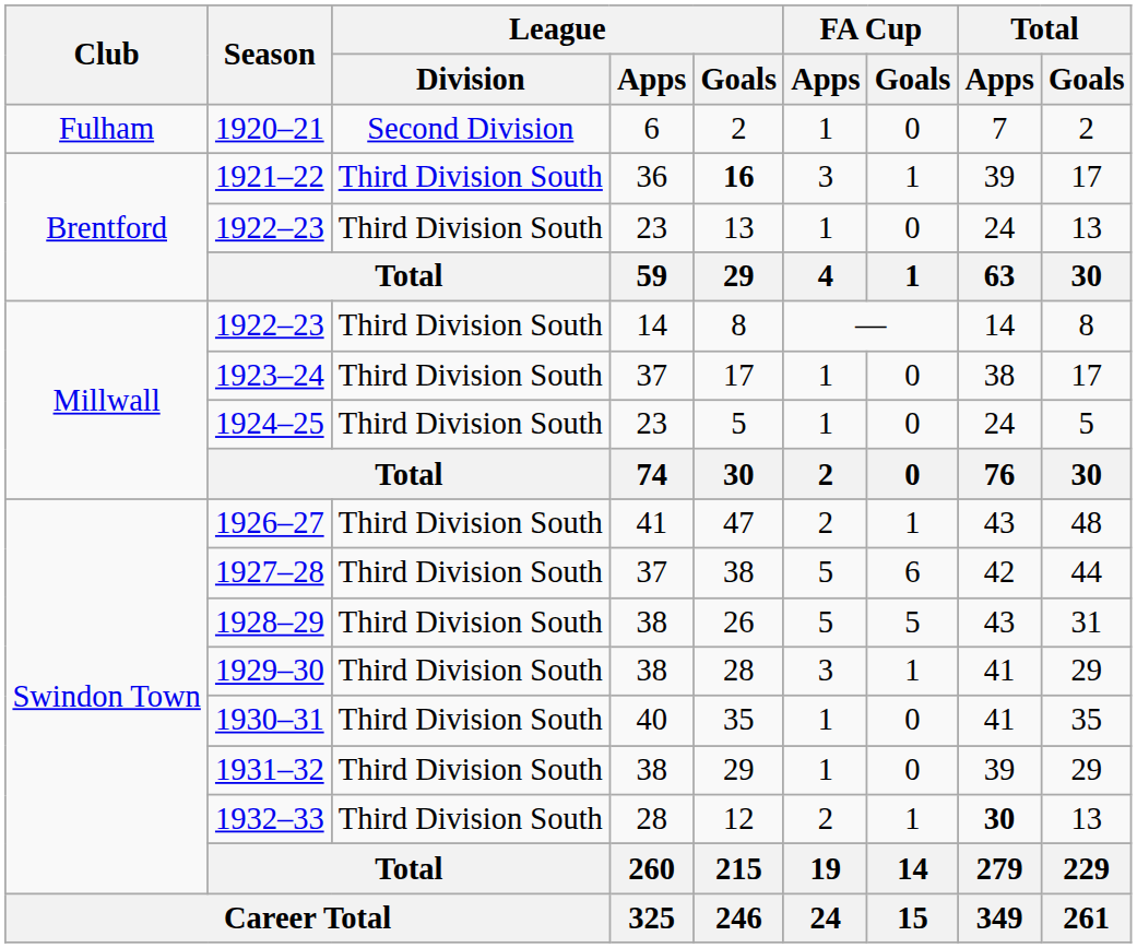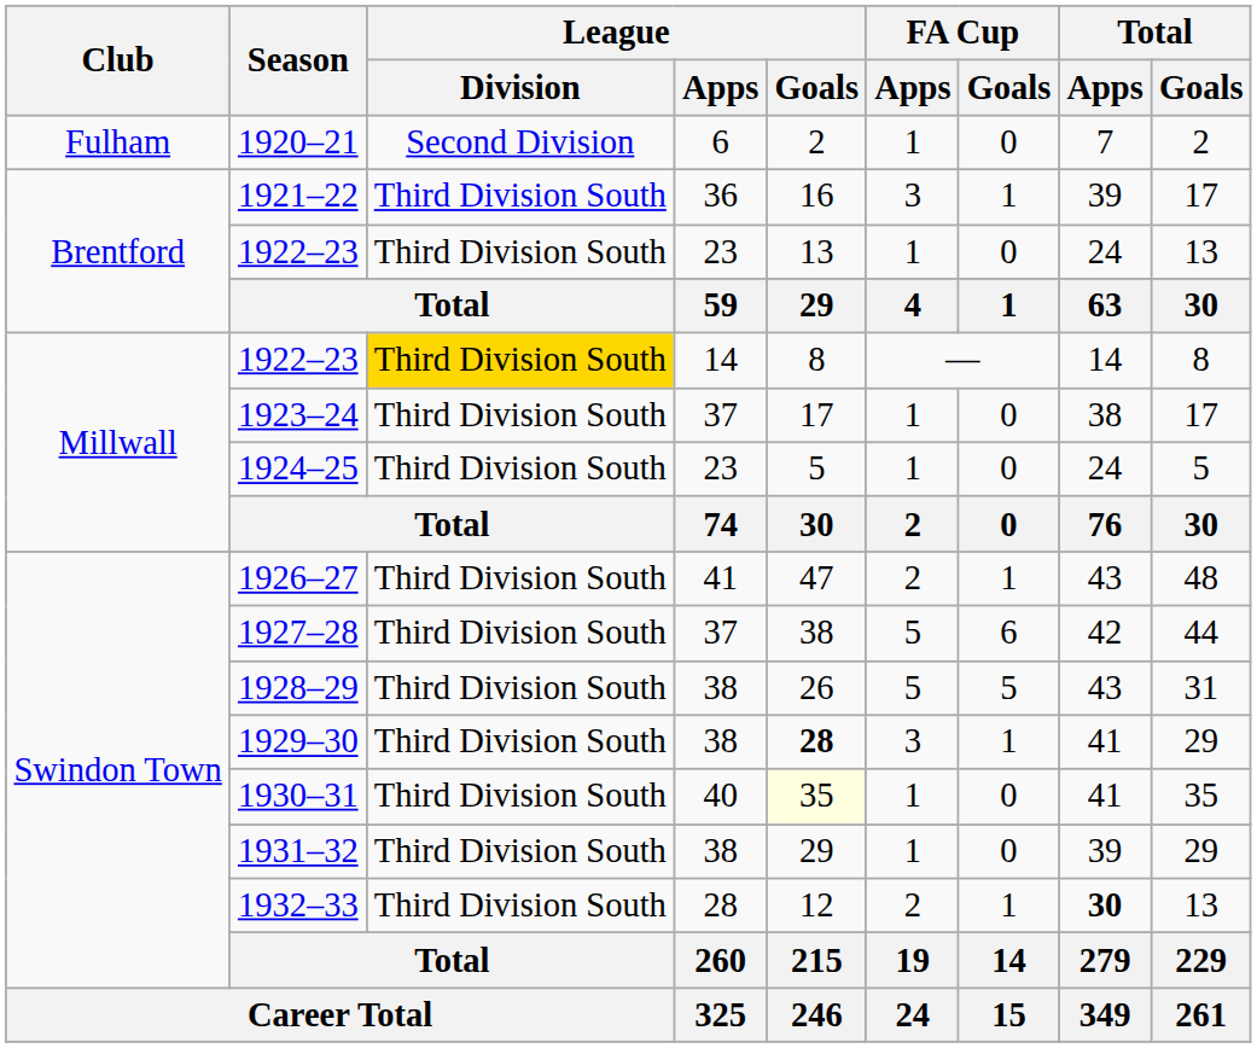 <table class="wikitable" style="text-align: center;">
 <tr>
 <th rowspan="2">Club</th>
 <th rowspan="2">Season</th>
 <th colspan="3">League</th>
 <th colspan="2">FA Cup</th>
 <th colspan="2">Total</th>
 </tr>
 <tr>
 <th>Division</th>
 <th>Apps</th>
 <th>Goals</th>
 <th>Apps</th>
 <th>Goals</th>
 <th>Apps</th>
 <th>Goals</th>
 </tr>
 <tr>
 <td><a href='#'>Fulham</a></td>
 <td><a href='#'>1920–21</a></td>
 <td><a href='#'>Second Division</a></td>
 <td>6</td>
 <td>2</td>
 <td>1</td>
 <td>0</td>
 <td>7</td>
 <td>2</td>
 </tr>
 <tr>
 <td rowspan="3"><a href='#'>Brentford</a></td>
 <td><a href='#'>1921–22</a></td>
 <td><a href='#'>Third Division South</a></td>
 <td>36</td>
-<td><strong>16</strong></td>
+<td>16</td>
 <td>3</td>
 <td>1</td>
 <td>39</td>
 <td>17</td>
 </tr>
 <tr>
 <td><a href='#'>1922–23</a></td>
 <td>Third Division South</td>
 <td>23</td>
 <td>13</td>
 <td>1</td>
 <td>0</td>
 <td>24</td>
 <td>13</td>
 </tr>
 <tr>
 <th colspan="2">Total</th>
 <th>59</th>
 <th>29</th>
 <th>4</th>
 <th>1</th>
 <th>63</th>
 <th>30</th>
 </tr>
 <tr>
 <td rowspan="4"><a href='#'>Millwall</a></td>
 <td><a href='#'>1922–23</a></td>
-<td>Third Division South</td>
+<td style="background: gold;">Third Division South</td>
 <td>14</td>
 <td>8</td>
 <td colspan="2">—</td>
 <td>14</td>
 <td>8</td>
 </tr>
 <tr>
 <td><a href='#'>1923–24</a></td>
 <td>Third Division South</td>
 <td>37</td>
 <td>17</td>
 <td>1</td>
 <td>0</td>
 <td>38</td>
 <td>17</td>
 </tr>
 <tr>
 <td><a href='#'>1924–25</a></td>
 <td>Third Division South</td>
 <td>23</td>
 <td>5</td>
 <td>1</td>
 <td>0</td>
 <td>24</td>
 <td>5</td>
 </tr>
 <tr>
 <th colspan="2">Total</th>
 <th>74</th>
 <th>30</th>
 <th>2</th>
 <th>0</th>
 <th>76</th>
 <th>30</th>
 </tr>
 <tr>
 <td rowspan="8"><a href='#'>Swindon Town</a></td>
 <td><a href='#'>1926–27</a></td>
 <td>Third Division South</td>
 <td>41</td>
 <td>47</td>
 <td>2</td>
 <td>1</td>
 <td>43</td>
 <td>48</td>
 </tr>
 <tr>
 <td><a href='#'>1927–28</a></td>
 <td>Third Division South</td>
 <td>37</td>
 <td>38</td>
 <td>5</td>
 <td>6</td>
 <td>42</td>
 <td>44</td>
 </tr>
 <tr>
 <td><a href='#'>1928–29</a></td>
 <td>Third Division South</td>
 <td>38</td>
 <td>26</td>
 <td>5</td>
 <td>5</td>
 <td>43</td>
 <td>31</td>
 </tr>
 <tr>
 <td><a href='#'>1929–30</a></td>
 <td>Third Division South</td>
 <td>38</td>
-<td>28</td>
+<td><strong>28</strong></td>
 <td>3</td>
 <td>1</td>
 <td>41</td>
 <td>29</td>
 </tr>
 <tr>
 <td><a href='#'>1930–31</a></td>
 <td>Third Division South</td>
 <td>40</td>
-<td>35</td>
+<td style="background: lightyellow;">35</td>
 <td>1</td>
 <td>0</td>
 <td>41</td>
 <td>35</td>
 </tr>
 <tr>
 <td><a href='#'>1931–32</a></td>
 <td>Third Division South</td>
 <td>38</td>
 <td>29</td>
 <td>1</td>
 <td>0</td>
 <td>39</td>
 <td>29</td>
 </tr>
 <tr>
 <td><a href='#'>1932–33</a></td>
 <td>Third Division South</td>
 <td>28</td>
 <td>12</td>
 <td>2</td>
 <td>1</td>
 <td><strong>30</strong></td>
 <td>13</td>
 </tr>
 <tr>
 <th colspan="2">Total</th>
 <th>260</th>
 <th>215</th>
 <th>19</th>
 <th>14</th>
 <th>279</th>
 <th>229</th>
 </tr>
 <tr>
 <th colspan="3">Career Total</th>
 <th>325</th>
 <th>246</th>
 <th>24</th>
 <th>15</th>
 <th>349</th>
 <th>261</th>
 </tr>
 </table>
